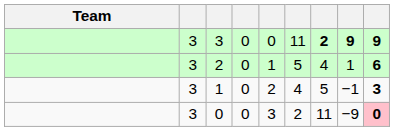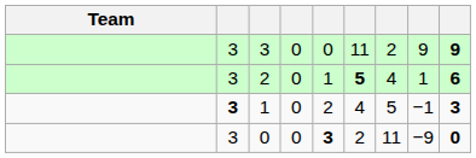 <table class="wikitable" style="text-align:center">
 <tr>
 <th width=175>Team</th>
 <th width=20></th>
 <th width=20></th>
 <th width=20></th>
 <th width=20></th>
 <th width=20></th>
 <th width=20></th>
 <th width=20></th>
 <th width=20></th>
 </tr>
 <tr align=center bgcolor=#ccffcc>
 <td align=left></td>
 <td>3</td>
 <td>3</td>
 <td>0</td>
 <td>0</td>
 <td>11</td>
-<td><strong>2</strong></td>
-<td><strong>9</strong></td>
+<td>2</td>
+<td>9</td>
 <td><strong>9</strong></td>
 </tr>
 <tr align=center bgcolor=#ccffcc>
 <td align=left></td>
 <td>3</td>
 <td>2</td>
 <td>0</td>
 <td>1</td>
-<td>5</td>
+<td><strong>5</strong></td>
 <td>4</td>
 <td>1</td>
 <td><strong>6</strong></td>
 </tr>
 <tr>
 <td align=left></td>
-<td>3</td>
+<td><strong>3</strong></td>
 <td>1</td>
 <td>0</td>
 <td>2</td>
 <td>4</td>
 <td>5</td>
 <td>−1</td>
 <td><strong>3</strong></td>
 </tr>
 <tr>
 <td align=left></td>
 <td>3</td>
 <td>0</td>
 <td>0</td>
-<td>3</td>
+<td><strong>3</strong></td>
 <td>2</td>
 <td>11</td>
 <td>−9</td>
-<td style="background: pink;"><strong>0</strong></td>
+<td><strong>0</strong></td>
 </tr>
 </table>
